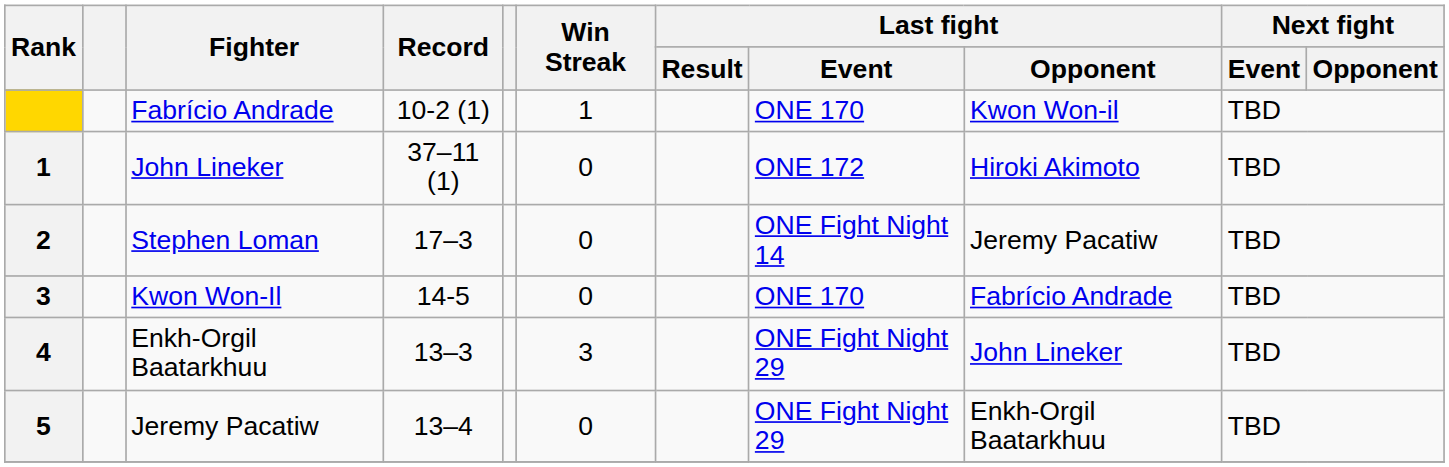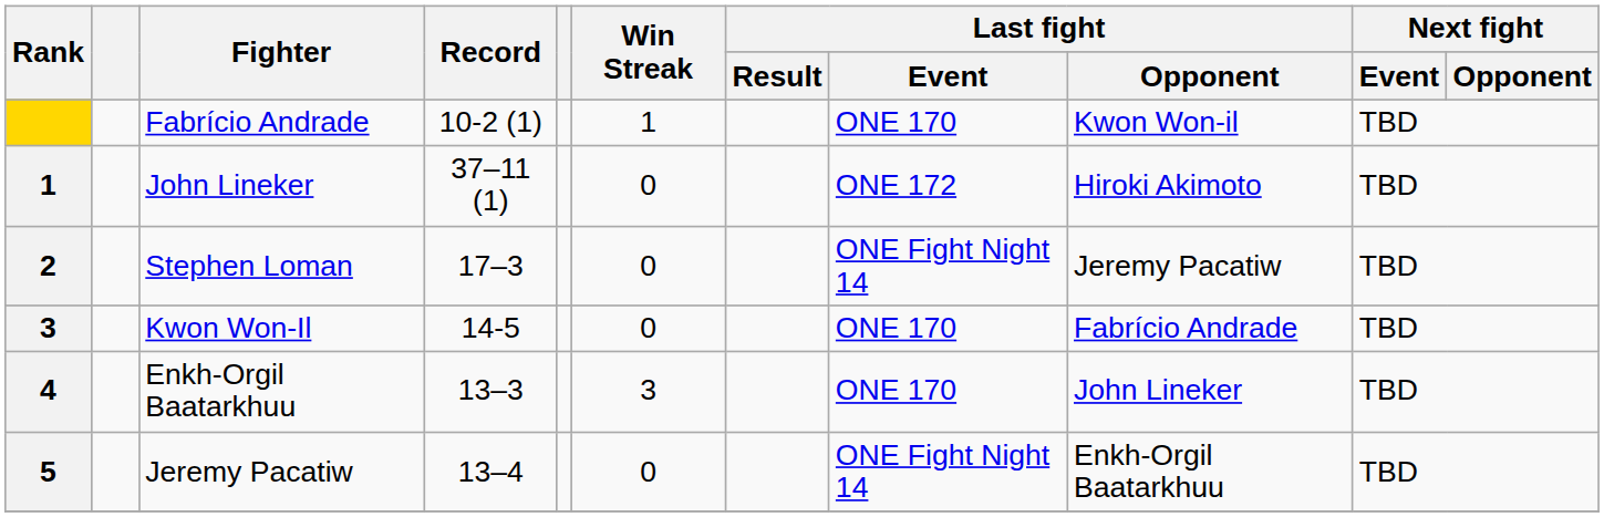 <table class="wikitable" style="display: inline-table;">
 <tr>
 <th rowspan=2>Rank</th>
 <th width=3% rowspan=2></th>
 <th rowspan=2>Fighter</th>
 <th rowspan=2>Record</th>
 <th rowspan=2></th>
 <th rowspan=2>Win Streak</th>
 <th colspan=3>Last fight</th>
 <th colspan=2>Next fight</th>
 </tr>
 <tr>
 <th>Result</th>
 <th>Event</th>
 <th>Opponent</th>
 <th>Event</th>
 <th>Opponent</th>
 </tr>
 <tr>
 <th style="background:gold"></th>
 <td></td>
 <td><a href='#'>Fabrício Andrade</a></td>
 <td align="center">10-2 (1)</td>
 <td align="center"></td>
 <td align=center>1</td>
 <td></td>
 <td><a href='#'>ONE 170</a></td>
 <td><a href='#'>Kwon Won-il</a></td>
 <td colspan="2">TBD</td>
 </tr>
 <tr>
 <th>1</th>
 <td></td>
 <td><a href='#'>John Lineker</a></td>
 <td align="center">37–11 (1)</td>
 <td align="center"></td>
 <td align=center>0</td>
 <td></td>
 <td><a href='#'>ONE 172</a></td>
 <td><a href='#'>Hiroki Akimoto</a></td>
 <td colspan="2">TBD</td>
 </tr>
 <tr>
 <th>2</th>
 <td></td>
 <td><a href='#'>Stephen Loman</a></td>
 <td align="center">17–3</td>
 <td align="center"></td>
 <td align=center>0</td>
 <td></td>
 <td><a href='#'>ONE Fight Night 14</a></td>
 <td>Jeremy Pacatiw</td>
 <td colspan=2>TBD</td>
 </tr>
 <tr>
 <th>3</th>
 <td></td>
 <td><a href='#'>Kwon Won-Il</a></td>
 <td align="center">14-5</td>
 <td align="center"></td>
 <td align=center>0</td>
 <td></td>
 <td><a href='#'>ONE 170</a></td>
 <td><a href='#'>Fabrício Andrade</a></td>
 <td colspan="2">TBD</td>
 </tr>
 <tr>
 <th>4</th>
 <td></td>
 <td>Enkh-Orgil Baatarkhuu</td>
 <td align="center">13–3</td>
 <td align="center"></td>
 <td align=center>3</td>
 <td></td>
-<td><a href='#'>ONE Fight Night 29</a></td>
+<td><a href='#'>ONE 170</a></td>
 <td><a href='#'>John Lineker</a></td>
 <td colspan="2">TBD</td>
 </tr>
 <tr>
 <th>5</th>
 <td></td>
 <td>Jeremy Pacatiw</td>
 <td align="center">13–4</td>
 <td align="center"></td>
 <td align=center>0</td>
 <td></td>
-<td><a href='#'>ONE Fight Night 29</a></td>
+<td><a href='#'>ONE Fight Night 14</a></td>
 <td>Enkh-Orgil Baatarkhuu</td>
 <td colspan="2">TBD</td>
 </tr>
 <tr>
 </tr>
 </table>
